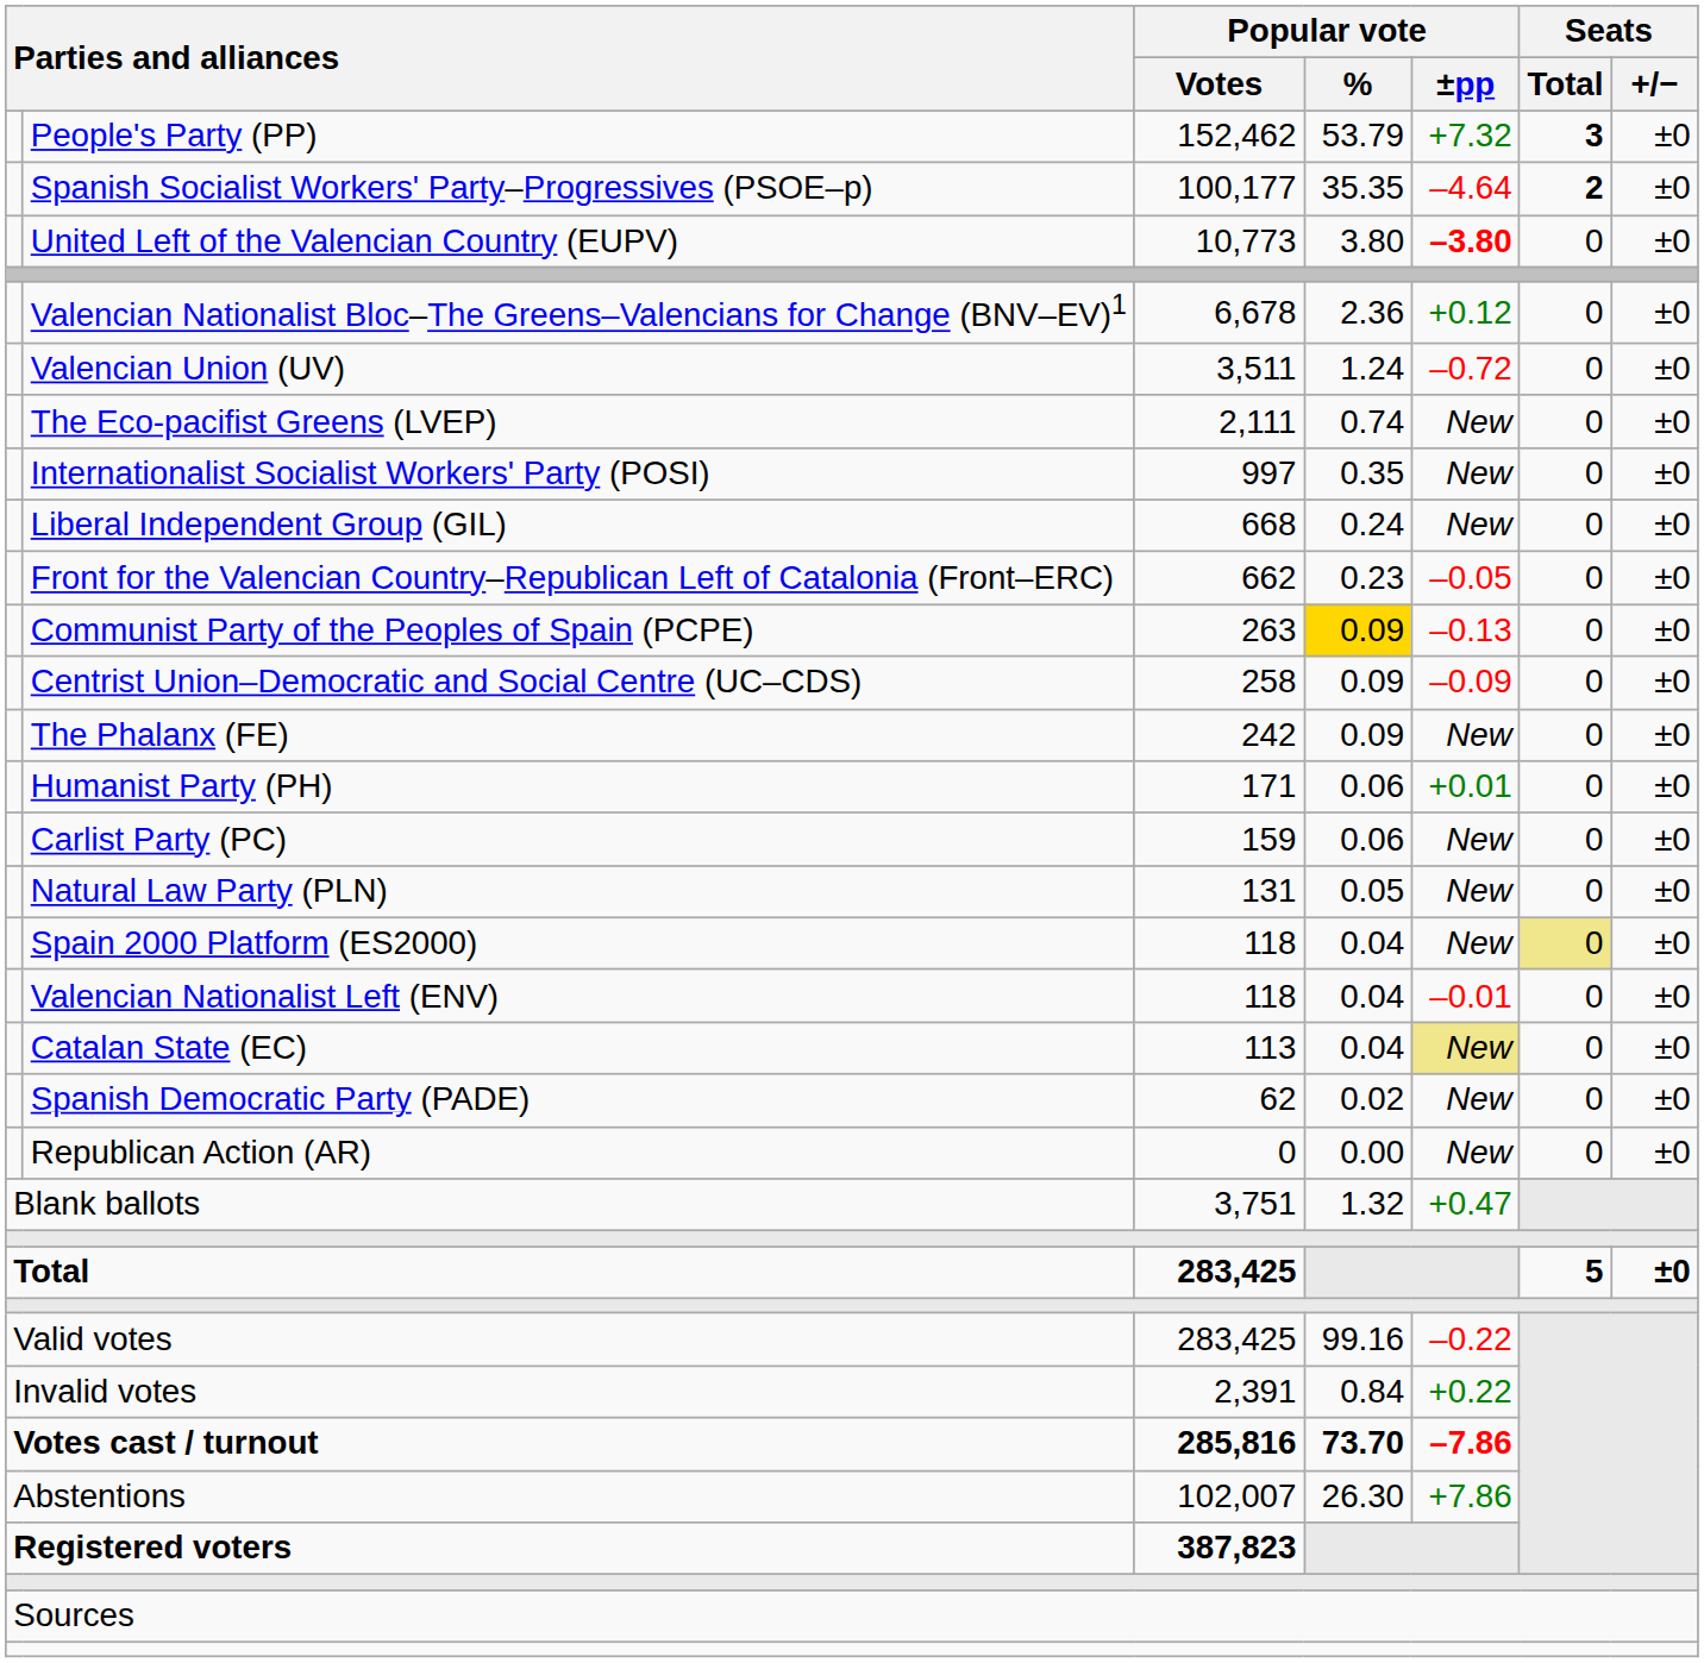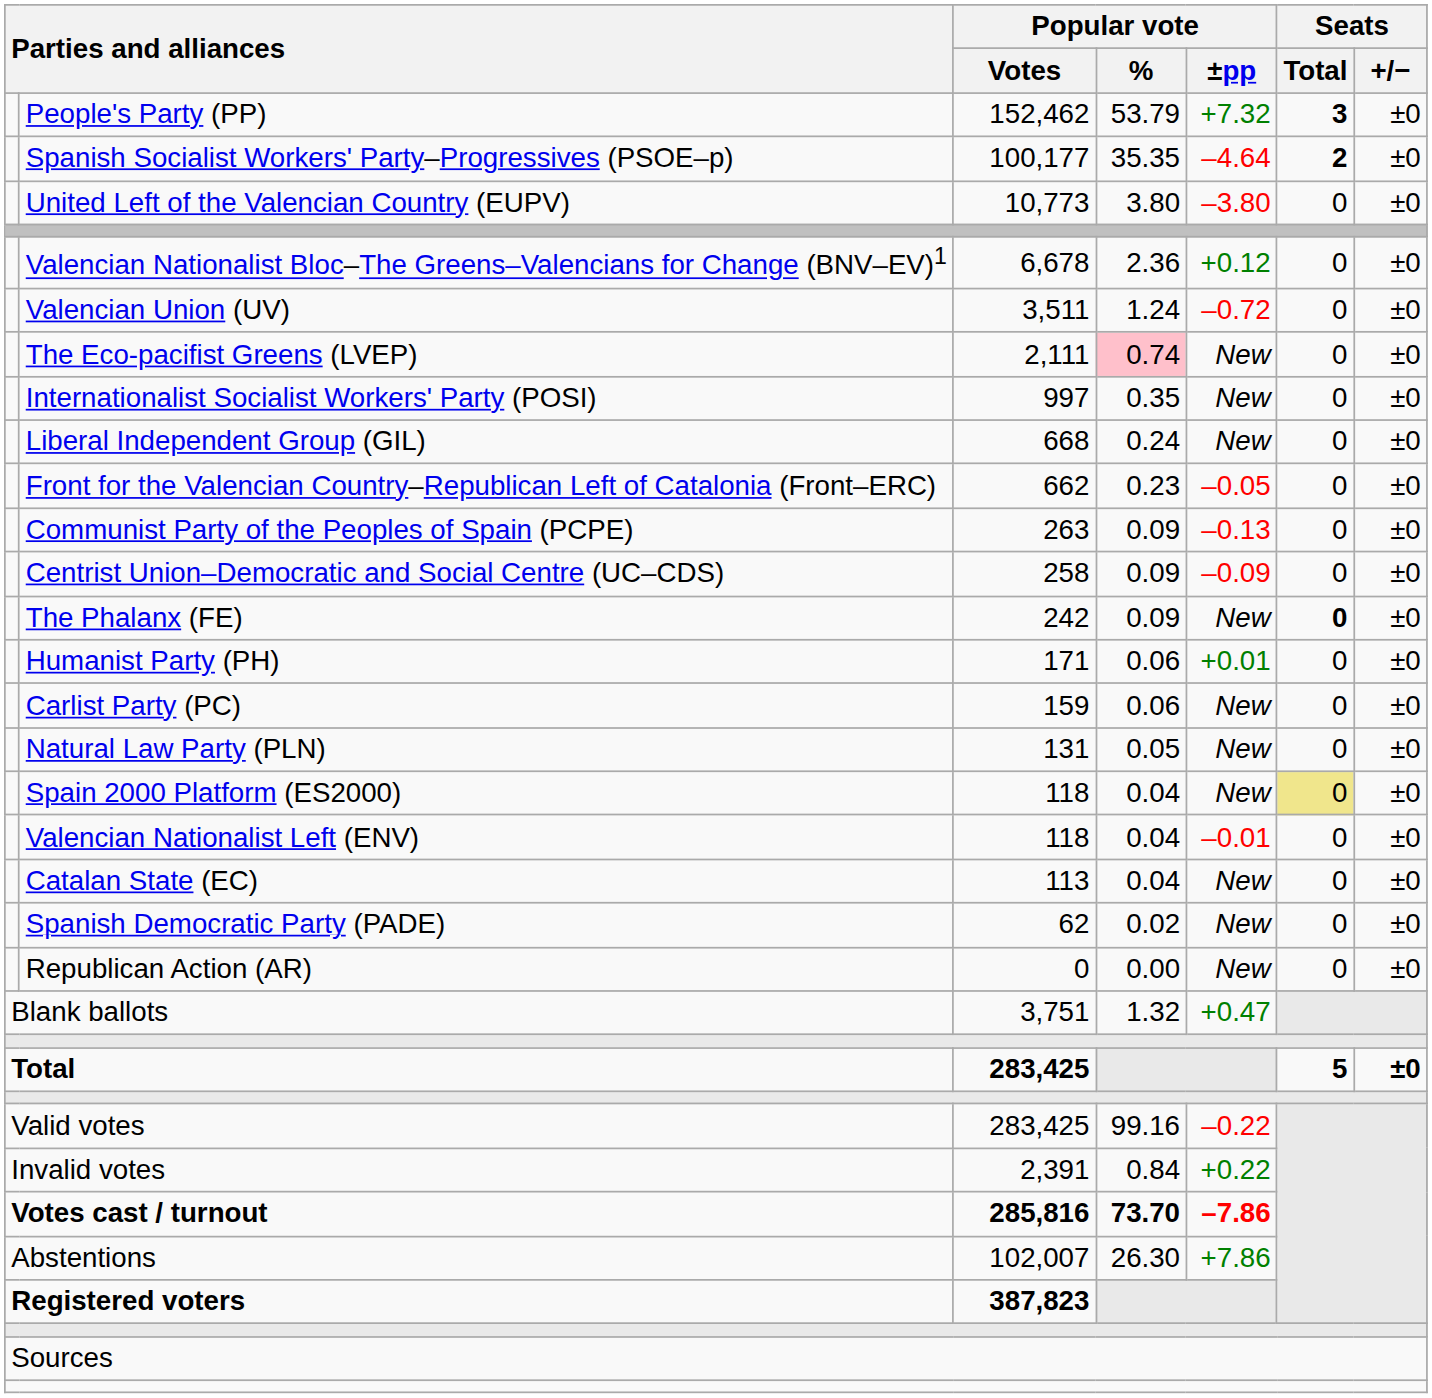 <table class="wikitable" style="text-align:right;">
 <tr>
 <th style="text-align:left;" rowspan="2" colspan="2" width="525">Parties and alliances</th>
 <th colspan="3">Popular vote</th>
 <th colspan="2">Seats</th>
 </tr>
 <tr>
 <th width="75">Votes</th>
 <th width="45">%</th>
 <th width="45">±<a href='#'>pp</a></th>
 <th width="35">Total</th>
 <th width="35">+/−</th>
 </tr>
 <tr>
 <td width="1" style="color:inherit;background:"></td>
 <td align="left"><a href='#'>People's Party</a> (PP)</td>
 <td>152,462</td>
 <td>53.79</td>
 <td style="color:green;">+7.32</td>
 <td><strong>3</strong></td>
 <td>±0</td>
 </tr>
 <tr>
 <td style="color:inherit;background:"></td>
 <td align="left"><a href='#'>Spanish Socialist Workers' Party</a>–<a href='#'>Progressives</a> (PSOE–p)</td>
 <td>100,177</td>
 <td>35.35</td>
 <td style="color:red;">–4.64</td>
 <td><strong>2</strong></td>
 <td>±0</td>
 </tr>
 <tr>
 <td style="color:inherit;background:"></td>
 <td align="left"><a href='#'>United Left of the Valencian Country</a> (EUPV)</td>
 <td>10,773</td>
 <td>3.80</td>
-<td style="color:red;"><strong>–3.80</strong></td>
+<td style="color:red;">–3.80</td>
 <td>0</td>
 <td>±0</td>
 </tr>
 <tr>
 <td colspan="7" bgcolor="#C0C0C0"></td>
 </tr>
 <tr>
 <td style="color:inherit;background:"></td>
 <td align="left"><a href='#'>Valencian Nationalist Bloc</a>–<a href='#'>The Greens–Valencians for Change</a> (BNV–EV)<sup>1</sup></td>
 <td>6,678</td>
 <td>2.36</td>
 <td style="color:green;">+0.12</td>
 <td>0</td>
 <td>±0</td>
 </tr>
 <tr>
 <td style="color:inherit;background:"></td>
 <td align="left"><a href='#'>Valencian Union</a> (UV)</td>
 <td>3,511</td>
 <td>1.24</td>
 <td style="color:red;">–0.72</td>
 <td>0</td>
 <td>±0</td>
 </tr>
 <tr>
 <td style="color:inherit;background:"></td>
 <td align="left"><a href='#'>The Eco-pacifist Greens</a> (LVEP)</td>
 <td>2,111</td>
-<td>0.74</td>
+<td style="background: pink;">0.74</td>
 <td><em>New</em></td>
 <td>0</td>
 <td>±0</td>
 </tr>
 <tr>
 <td style="color:inherit;background:"></td>
 <td align="left"><a href='#'>Internationalist Socialist Workers' Party</a> (POSI)</td>
 <td>997</td>
 <td>0.35</td>
 <td><em>New</em></td>
 <td>0</td>
 <td>±0</td>
 </tr>
 <tr>
 <td style="color:inherit;background:"></td>
 <td align="left"><a href='#'>Liberal Independent Group</a> (GIL)</td>
 <td>668</td>
 <td>0.24</td>
 <td><em>New</em></td>
 <td>0</td>
 <td>±0</td>
 </tr>
 <tr>
 <td style="color:inherit;background:"></td>
 <td align="left"><a href='#'>Front for the Valencian Country</a>–<a href='#'>Republican Left of Catalonia</a> (Front–ERC)</td>
 <td>662</td>
 <td>0.23</td>
 <td style="color:red;">–0.05</td>
 <td>0</td>
 <td>±0</td>
 </tr>
 <tr>
 <td style="color:inherit;background:"></td>
 <td align="left"><a href='#'>Communist Party of the Peoples of Spain</a> (PCPE)</td>
 <td>263</td>
-<td style="background: gold;">0.09</td>
+<td>0.09</td>
 <td style="color:red;">–0.13</td>
 <td>0</td>
 <td>±0</td>
 </tr>
 <tr>
 <td style="color:inherit;background:"></td>
 <td align="left"><a href='#'>Centrist Union–Democratic and Social Centre</a> (UC–CDS)</td>
 <td>258</td>
 <td>0.09</td>
 <td style="color:red;">–0.09</td>
 <td>0</td>
 <td>±0</td>
 </tr>
 <tr>
 <td style="color:inherit;background:"></td>
 <td align="left"><a href='#'>The Phalanx</a> (FE)</td>
 <td>242</td>
 <td>0.09</td>
 <td><em>New</em></td>
-<td>0</td>
+<td><strong>0</strong></td>
 <td>±0</td>
 </tr>
 <tr>
 <td style="color:inherit;background:"></td>
 <td align="left"><a href='#'>Humanist Party</a> (PH)</td>
 <td>171</td>
 <td>0.06</td>
 <td style="color:green;">+0.01</td>
 <td>0</td>
 <td>±0</td>
 </tr>
 <tr>
 <td style="color:inherit;background:"></td>
 <td align="left"><a href='#'>Carlist Party</a> (PC)</td>
 <td>159</td>
 <td>0.06</td>
 <td><em>New</em></td>
 <td>0</td>
 <td>±0</td>
 </tr>
 <tr>
 <td style="color:inherit;background:"></td>
 <td align="left"><a href='#'>Natural Law Party</a> (PLN)</td>
 <td>131</td>
 <td>0.05</td>
 <td><em>New</em></td>
 <td>0</td>
 <td>±0</td>
 </tr>
 <tr>
 <td style="color:inherit;background:"></td>
 <td align="left"><a href='#'>Spain 2000 Platform</a> (ES2000)</td>
 <td>118</td>
 <td>0.04</td>
 <td><em>New</em></td>
 <td style="background: khaki;">0</td>
 <td>±0</td>
 </tr>
 <tr>
 <td style="color:inherit;background:"></td>
 <td align="left"><a href='#'>Valencian Nationalist Left</a> (ENV)</td>
 <td>118</td>
 <td>0.04</td>
 <td style="color:red;">–0.01</td>
 <td>0</td>
 <td>±0</td>
 </tr>
 <tr>
 <td style="color:inherit;background:"></td>
 <td align="left"><a href='#'>Catalan State</a> (EC)</td>
 <td>113</td>
 <td>0.04</td>
-<td style="background: khaki;"><em>New</em></td>
+<td><em>New</em></td>
 <td>0</td>
 <td>±0</td>
 </tr>
 <tr>
 <td style="color:inherit;background:"></td>
 <td align="left"><a href='#'>Spanish Democratic Party</a> (PADE)</td>
 <td>62</td>
 <td>0.02</td>
 <td><em>New</em></td>
 <td>0</td>
 <td>±0</td>
 </tr>
 <tr>
 <td style="color:inherit;background:"></td>
 <td align="left">Republican Action (AR)</td>
 <td>0</td>
 <td>0.00</td>
 <td><em>New</em></td>
 <td>0</td>
 <td>±0</td>
 </tr>
 <tr>
 <td align="left" colspan="2">Blank ballots</td>
 <td>3,751</td>
 <td>1.32</td>
 <td style="color:green;">+0.47</td>
 <td bgcolor="#E9E9E9" colspan="2"></td>
 </tr>
 <tr>
 <td colspan="7" bgcolor="#E9E9E9"></td>
 </tr>
 <tr style="font-weight:bold;">
 <td align="left" colspan="2">Total</td>
 <td>283,425</td>
 <td bgcolor="#E9E9E9" colspan="2"></td>
 <td>5</td>
 <td>±0</td>
 </tr>
 <tr>
 <td colspan="7" bgcolor="#E9E9E9"></td>
 </tr>
 <tr>
 <td align="left" colspan="2">Valid votes</td>
 <td>283,425</td>
 <td>99.16</td>
 <td style="color:red;">–0.22</td>
 <td bgcolor="#E9E9E9" colspan="2" rowspan="5"></td>
 </tr>
 <tr>
 <td align="left" colspan="2">Invalid votes</td>
 <td>2,391</td>
 <td>0.84</td>
 <td style="color:green;">+0.22</td>
 </tr>
 <tr style="font-weight:bold;">
 <td align="left" colspan="2">Votes cast / turnout</td>
 <td>285,816</td>
 <td>73.70</td>
 <td style="color:red;">–7.86</td>
 </tr>
 <tr>
 <td align="left" colspan="2">Abstentions</td>
 <td>102,007</td>
 <td>26.30</td>
 <td style="color:green;">+7.86</td>
 </tr>
 <tr style="font-weight:bold;">
 <td align="left" colspan="2">Registered voters</td>
 <td>387,823</td>
 <td bgcolor="#E9E9E9" colspan="2"></td>
 </tr>
 <tr>
 <td colspan="7" bgcolor="#E9E9E9"></td>
 </tr>
 <tr>
 <td align="left" colspan="7">Sources</td>
 </tr>
 <tr>
 <td colspan="7" style="text-align:left; max-width:790px;"></td>
 </tr>
 </table>
